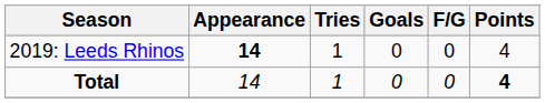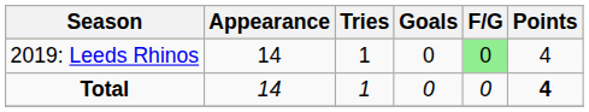 <table class="wikitable" style="text-align:center;">
 <tr bgcolor=#bdb76b>
 <th>Season</th>
 <th>Appearance</th>
 <th>Tries</th>
 <th>Goals</th>
 <th>F/G</th>
 <th>Points</th>
 </tr>
 <tr>
 <td>2019: <a href='#'>Leeds Rhinos</a></td>
-<td><strong>14</strong></td>
+<td>14</td>
 <td>1</td>
 <td>0</td>
-<td>0</td>
+<td style="background: lightgreen;">0</td>
 <td>4</td>
 </tr>
 <tr>
 <td><strong>Total</strong></td>
 <td><em>14</em></td>
 <td><em>1</em></td>
 <td><em>0</em></td>
 <td><em>0</em></td>
 <td><strong>4</strong></td>
 </tr>
 <tr>
 </tr>
 </table>
